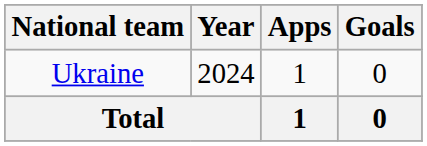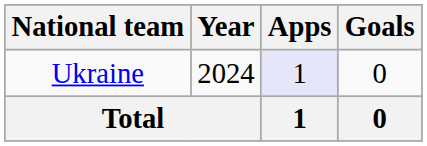 <table class="wikitable" style="text-align:center">
 <tr>
 <th>National team</th>
 <th>Year</th>
 <th>Apps</th>
 <th>Goals</th>
 </tr>
 <tr>
 <td><a href='#'>Ukraine</a></td>
 <td>2024</td>
-<td>1</td>
+<td style="background: lavender;">1</td>
 <td>0</td>
 </tr>
 <tr>
 <th colspan="2">Total</th>
 <th>1</th>
 <th>0</th>
 </tr>
 </table>
